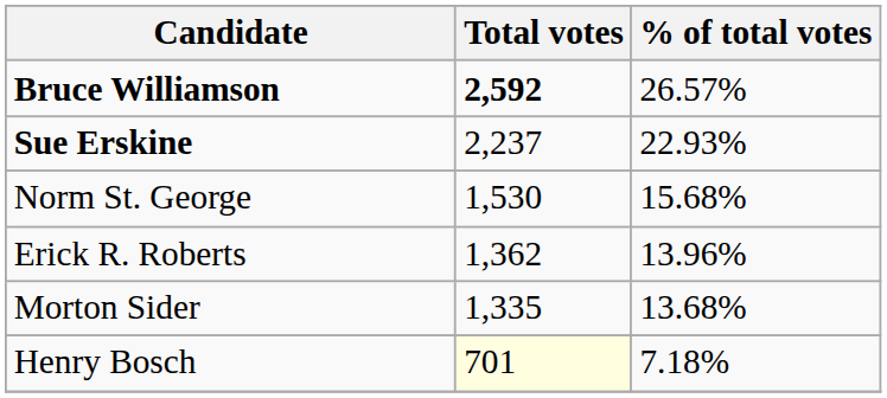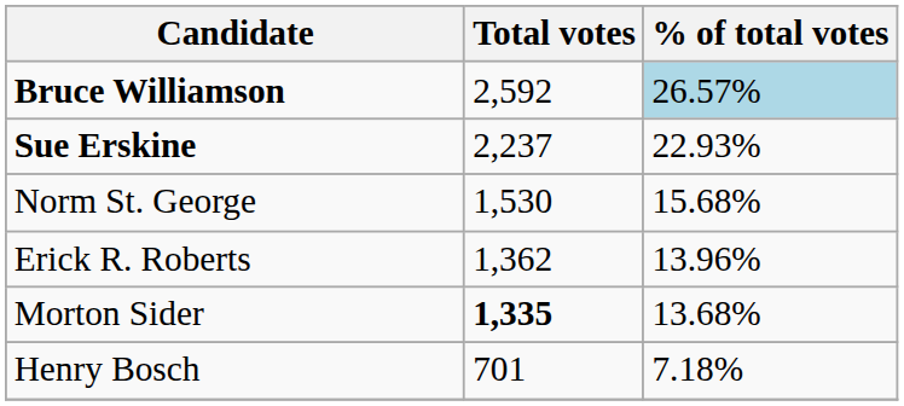 <table class="wikitable">
 <tr>
 <th bgcolor="#DDDDFF" width="200px">Candidate</th>
 <th bgcolor="#DDDDFF">Total votes</th>
 <th bgcolor="#DDDDFF">% of total votes</th>
 </tr>
 <tr>
 <td><strong>Bruce Williamson</strong></td>
-<td><strong>2,592</strong></td>
-<td>26.57%</td>
+<td>2,592</td>
+<td style="background: lightblue;">26.57%</td>
 </tr>
 <tr>
 <td><strong>Sue Erskine</strong></td>
 <td>2,237</td>
 <td>22.93%</td>
 </tr>
 <tr>
 <td>Norm St. George</td>
 <td>1,530</td>
 <td>15.68%</td>
 </tr>
 <tr>
 <td>Erick R. Roberts</td>
 <td>1,362</td>
 <td>13.96%</td>
 </tr>
 <tr>
 <td>Morton Sider</td>
-<td>1,335</td>
+<td><strong>1,335</strong></td>
 <td>13.68%</td>
 </tr>
 <tr>
 <td>Henry Bosch</td>
-<td style="background: lightyellow;">701</td>
+<td>701</td>
 <td>7.18%</td>
 </tr>
 <tr>
 </tr>
 </table>
